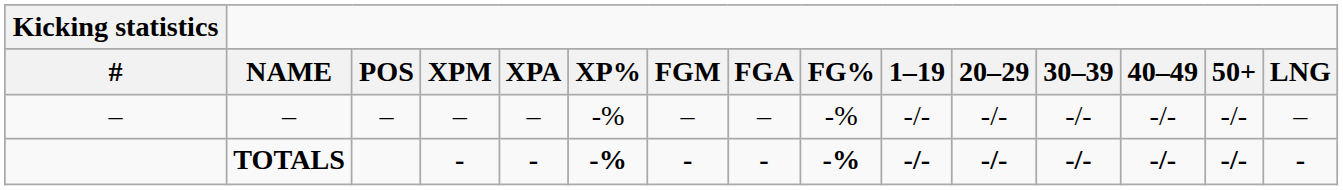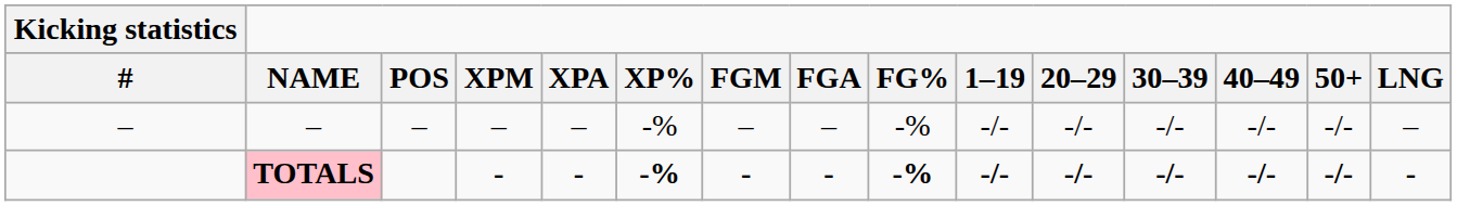 <table style="width:60%; text-align:center;" class="wikitable collapsible collapsed">
 <tr>
 <th style="text-align:center; ">Kicking statistics</th>
 </tr>
 <tr>
 <th>#</th>
 <th>NAME</th>
 <th>POS</th>
 <th>XPM</th>
 <th>XPA</th>
 <th>XP%</th>
 <th>FGM</th>
 <th>FGA</th>
 <th>FG%</th>
 <th>1–19</th>
 <th>20–29</th>
 <th>30–39</th>
 <th>40–49</th>
 <th>50+</th>
 <th>LNG</th>
 </tr>
 <tr>
 <td>–</td>
 <td>–</td>
 <td>–</td>
 <td>–</td>
 <td>–</td>
 <td>-%</td>
 <td>–</td>
 <td>–</td>
 <td>-%</td>
 <td>-/-</td>
 <td>-/-</td>
 <td>-/-</td>
 <td>-/-</td>
 <td>-/-</td>
 <td>–</td>
 </tr>
 <tr>
 <td></td>
-<td><strong>TOTALS</strong></td>
+<td style="background: pink;"><strong>TOTALS</strong></td>
 <td></td>
 <td><strong>-</strong></td>
 <td><strong>-</strong></td>
 <td><strong>-%</strong></td>
 <td><strong>-</strong></td>
 <td><strong>-</strong></td>
 <td><strong>-%</strong></td>
 <td><strong>-/-</strong></td>
 <td><strong>-/-</strong></td>
 <td><strong>-/-</strong></td>
 <td><strong>-/-</strong></td>
 <td><strong>-/-</strong></td>
 <td><strong>-</strong></td>
 </tr>
 </table>
